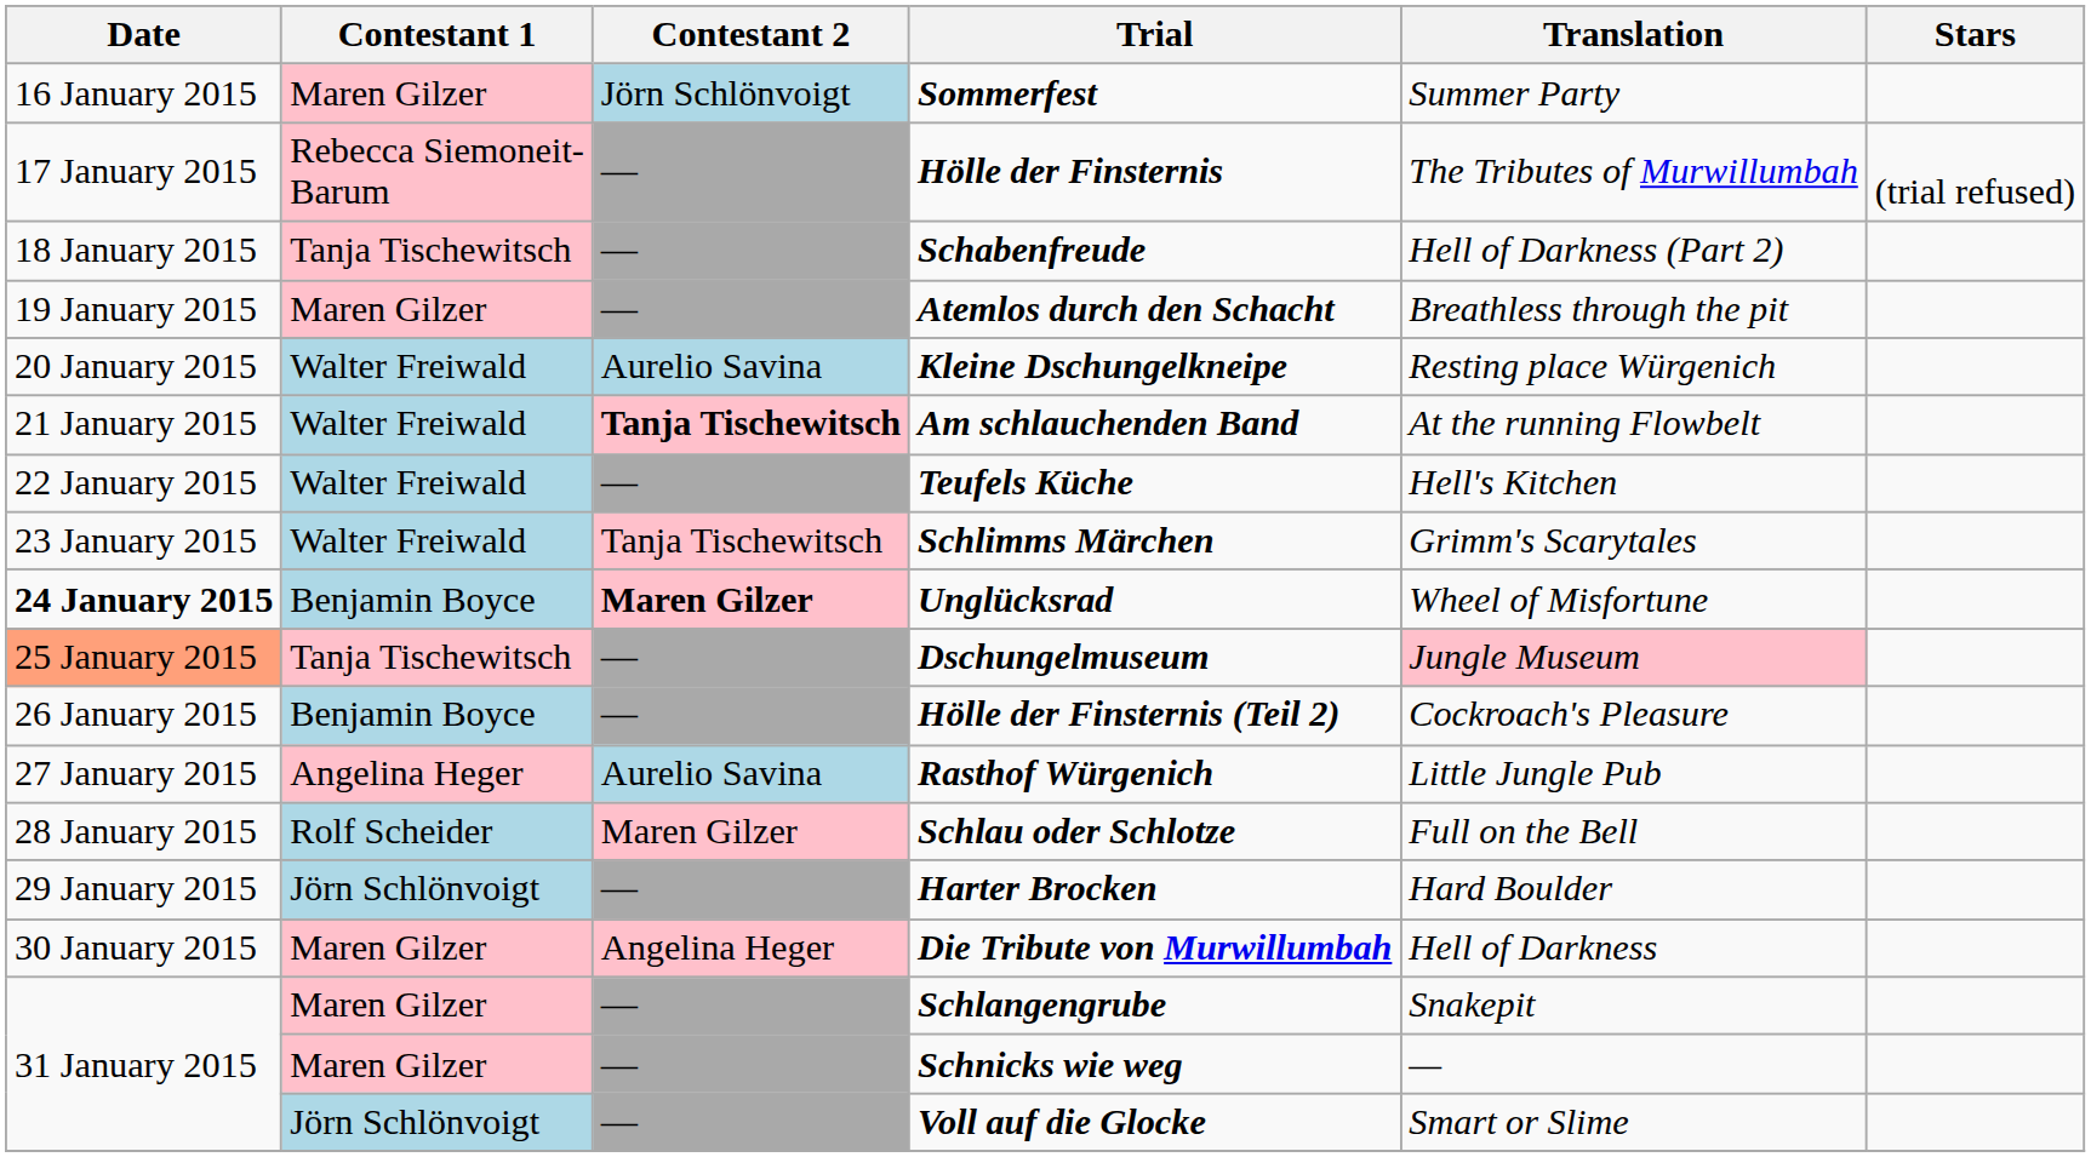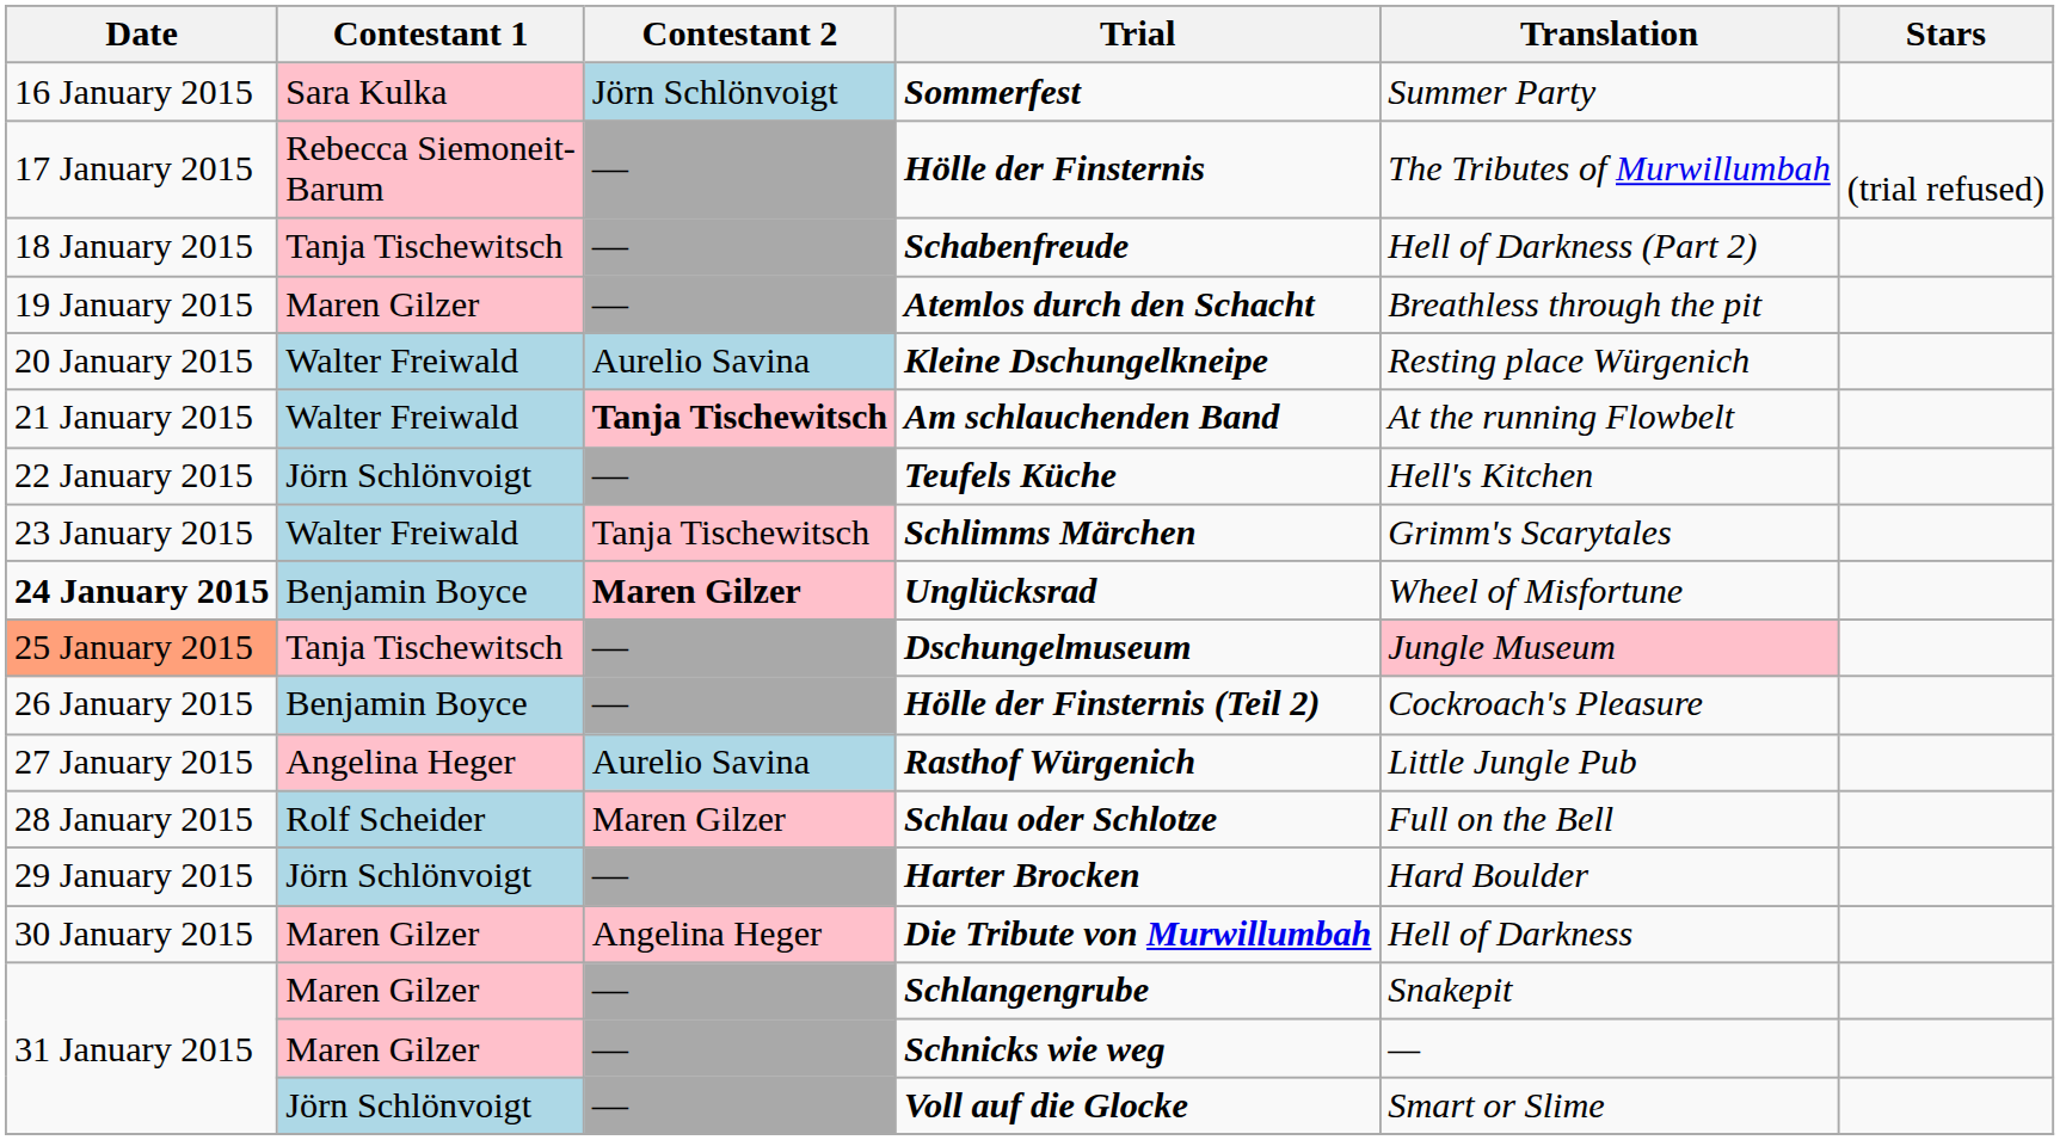 <table class="wikitable zebra center ">
 <tr class="hintergrundfarbe5">
 <th>Date</th>
 <th align="left" style="border-right:none">Contestant 1</th>
 <th>Contestant 2</th>
 <th>Trial</th>
 <th>Translation</th>
 <th>Stars</th>
 </tr>
 <tr>
 <td>16 January 2015</td>
-<td bgcolor=pink>Maren Gilzer</td>
+<td bgcolor=pink>Sara Kulka</td>
 <td bgcolor=lightblue>Jörn Schlönvoigt</td>
 <td><strong><em>Sommerfest</em></strong></td>
 <td><em>Summer Party</em></td>
 <td></td>
 </tr>
 <tr>
 <td>17 January 2015</td>
 <td bgcolor=pink>Rebecca Siemoneit-<br>Barum</td>
 <td bgcolor=darkgray colspan=1>—</td>
 <td><strong><em>Hölle der Finsternis</em></strong></td>
 <td><em>The Tributes of <a href='#'>Murwillumbah</a></em></td>
 <td> <br>(trial refused)</td>
 </tr>
 <tr>
 <td>18 January 2015</td>
 <td bgcolor=pink>Tanja Tischewitsch</td>
 <td bgcolor=darkgray colspan=1>—</td>
 <td><strong><em>Schabenfreude</em></strong></td>
 <td><em>Hell of Darkness (Part 2)</em></td>
 <td></td>
 </tr>
 <tr>
 <td>19 January 2015</td>
 <td bgcolor=pink>Maren Gilzer</td>
 <td bgcolor=darkgray colspan=1>—</td>
 <td><strong><em>Atemlos durch den Schacht</em></strong></td>
 <td><em>Breathless through the pit</em></td>
 <td></td>
 </tr>
 <tr>
 <td>20 January 2015</td>
 <td bgcolor=lightblue>Walter Freiwald</td>
 <td bgcolor=lightblue>Aurelio Savina</td>
 <td><strong><em>Kleine Dschungelkneipe</em></strong></td>
 <td><em>Resting place Würgenich</em></td>
 <td></td>
 </tr>
 <tr>
 <td>21 January 2015</td>
 <td bgcolor=lightblue>Walter Freiwald</td>
 <td bgcolor=pink><strong>Tanja Tischewitsch</strong></td>
 <td><strong><em>Am schlauchenden Band</em></strong></td>
 <td><em>At the running Flowbelt</em></td>
 <td></td>
 </tr>
 <tr>
 <td>22 January 2015</td>
-<td bgcolor=lightblue>Walter Freiwald</td>
+<td bgcolor=lightblue>Jörn Schlönvoigt</td>
 <td bgcolor=darkgray colspan=1>—</td>
 <td><strong><em>Teufels Küche</em></strong></td>
 <td><em>Hell's Kitchen</em></td>
 <td></td>
 </tr>
 <tr>
 <td>23 January 2015</td>
 <td bgcolor=lightblue>Walter Freiwald</td>
 <td bgcolor=pink>Tanja Tischewitsch</td>
 <td><strong><em>Schlimms Märchen</em></strong></td>
 <td><em> Grimm's Scarytales</em></td>
 <td></td>
 </tr>
 <tr>
 <td><strong>24 January 2015</strong></td>
 <td bgcolor=lightblue>Benjamin Boyce</td>
 <td bgcolor=pink><strong>Maren Gilzer</strong></td>
 <td><strong><em>Unglücksrad</em></strong></td>
 <td><em>Wheel of Misfortune</em></td>
 <td></td>
 </tr>
 <tr>
 <td style="background: lightsalmon;">25 January 2015</td>
 <td bgcolor=pink>Tanja Tischewitsch</td>
 <td bgcolor=darkgray colspan=1>—</td>
 <td><strong><em>Dschungelmuseum</em></strong></td>
 <td style="background: pink;"><em>Jungle Museum</em></td>
 <td></td>
 </tr>
 <tr>
 <td>26 January 2015</td>
 <td bgcolor=lightblue>Benjamin Boyce</td>
 <td bgcolor=darkgray colspan=1>—</td>
 <td><strong><em>Hölle der Finsternis (Teil 2)</em></strong></td>
 <td><em>Cockroach's Pleasure</em></td>
 <td></td>
 </tr>
 <tr>
 <td>27 January 2015</td>
 <td bgcolor=pink>Angelina Heger</td>
 <td bgcolor=lightblue>Aurelio Savina</td>
 <td><strong><em>Rasthof Würgenich</em></strong></td>
 <td><em>Little Jungle Pub</em></td>
 <td></td>
 </tr>
 <tr>
 <td>28 January 2015</td>
 <td bgcolor=lightblue>Rolf Scheider</td>
 <td bgcolor=pink>Maren Gilzer</td>
 <td><strong><em>Schlau oder Schlotze</em></strong></td>
 <td><em>Full on the Bell</em></td>
 <td></td>
 </tr>
 <tr>
 <td>29 January 2015</td>
 <td bgcolor=lightblue>Jörn Schlönvoigt</td>
 <td bgcolor=darkgray colspan=1>—</td>
 <td><strong><em>Harter Brocken</em></strong></td>
 <td><em>Hard Boulder</em></td>
 <td></td>
 </tr>
 <tr>
 <td>30 January 2015</td>
 <td bgcolor=pink>Maren Gilzer</td>
 <td bgcolor=pink>Angelina Heger</td>
 <td><strong><em>Die Tribute von <a href='#'>Murwillumbah</a></em></strong></td>
 <td><em>Hell of Darkness</em></td>
 <td></td>
 </tr>
 <tr>
 <td rowspan="3">31 January 2015</td>
 <td bgcolor=pink>Maren Gilzer</td>
 <td bgcolor=darkgray colspan=1>—</td>
 <td><strong><em>Schlangengrube</em></strong></td>
 <td><em>Snakepit</em></td>
 <td></td>
 </tr>
 <tr>
 <td bgcolor=pink>Maren Gilzer</td>
 <td bgcolor=darkgray colspan=1>—</td>
 <td><strong><em>Schnicks wie weg</em></strong></td>
 <td><em>—</em></td>
 <td></td>
 </tr>
 <tr>
 <td bgcolor=lightblue>Jörn Schlönvoigt</td>
 <td bgcolor=darkgray colspan=1>—</td>
 <td><strong><em>Voll auf die Glocke</em></strong></td>
 <td><em> Smart or Slime</em></td>
 <td></td>
 </tr>
 <tr>
 </tr>
 </table>
